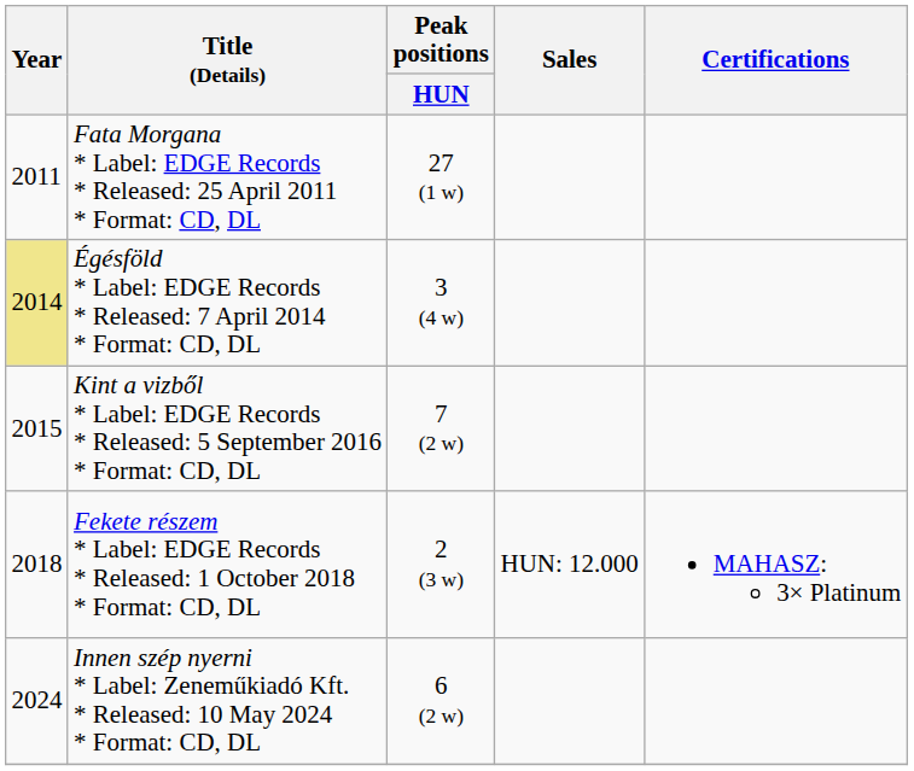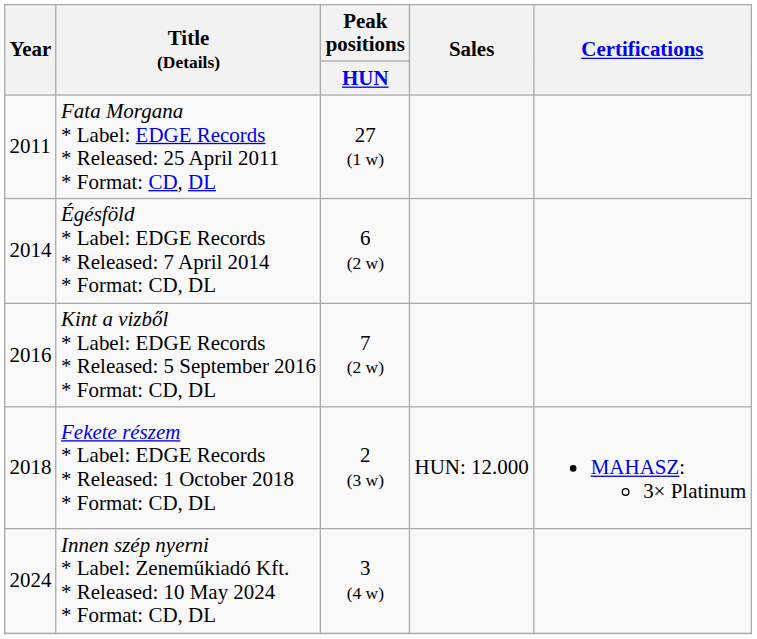 <table class="wikitable">
 <tr>
 <th rowspan="2">Year</th>
 <th rowspan="2">Title<br><small>(Details)</small></th>
 <th colspan="1">Peak positions</th>
 <th scope="col" rowspan="2">Sales</th>
 <th scope="col" rowspan="2"><a href='#'>Certifications</a></th>
 </tr>
 <tr>
 <th width="30"><a href='#'>HUN</a></th>
 </tr>
 <tr>
 <td>2011</td>
 <td><em>Fata Morgana</em><br>* Label: <a href='#'>EDGE Records</a><br>* Released: 25 April 2011<br>* Format: <a href='#'>CD</a>, <a href='#'>DL</a></td>
 <td align="center">27 <br><small>(1 w)</small></td>
 <td></td>
 <td></td>
 </tr>
 <tr>
-<td style="background: khaki;">2014</td>
+<td>2014</td>
 <td><em>Égésföld</em><br>* Label: EDGE Records<br>* Released: 7 April 2014<br>* Format: CD, DL</td>
-<td align="center">3<br><small>(4 w)</small></td>
+<td align="center">6 <br><small>(2 w)</small></td>
 <td></td>
 <td></td>
 </tr>
 <tr>
-<td>2015</td>
+<td>2016</td>
 <td><em>Kint a vizből</em><br>* Label: EDGE Records<br>* Released: 5 September 2016<br>* Format: CD, DL</td>
 <td align="center">7 <br><small>(2 w)</small></td>
 <td></td>
 <td></td>
 </tr>
 <tr>
 <td>2018</td>
 <td><em><a href='#'>Fekete részem</a></em><br>* Label: EDGE Records<br>* Released: 1 October 2018<br>* Format: CD, DL</td>
 <td align="center">2<br><small>(3 w)</small></td>
 <td>HUN: 12.000</td>
 <td><br><ul><li><a href='#'>MAHASZ</a>:<ul><li>3× Platinum </li></ul></li></ul></td>
 </tr>
 <tr>
 <td>2024</td>
 <td><em>Innen szép nyerni</em><br> * Label: Zeneműkiadó Kft.<br>* Released: 10 May 2024 <br>* Format: CD, DL</td>
-<td align="center">6 <br><small>(2 w)</small></td>
+<td align="center">3<br><small>(4 w)</small></td>
 <td></td>
 <td></td>
 </tr>
 <tr>
 </tr>
 </table>
